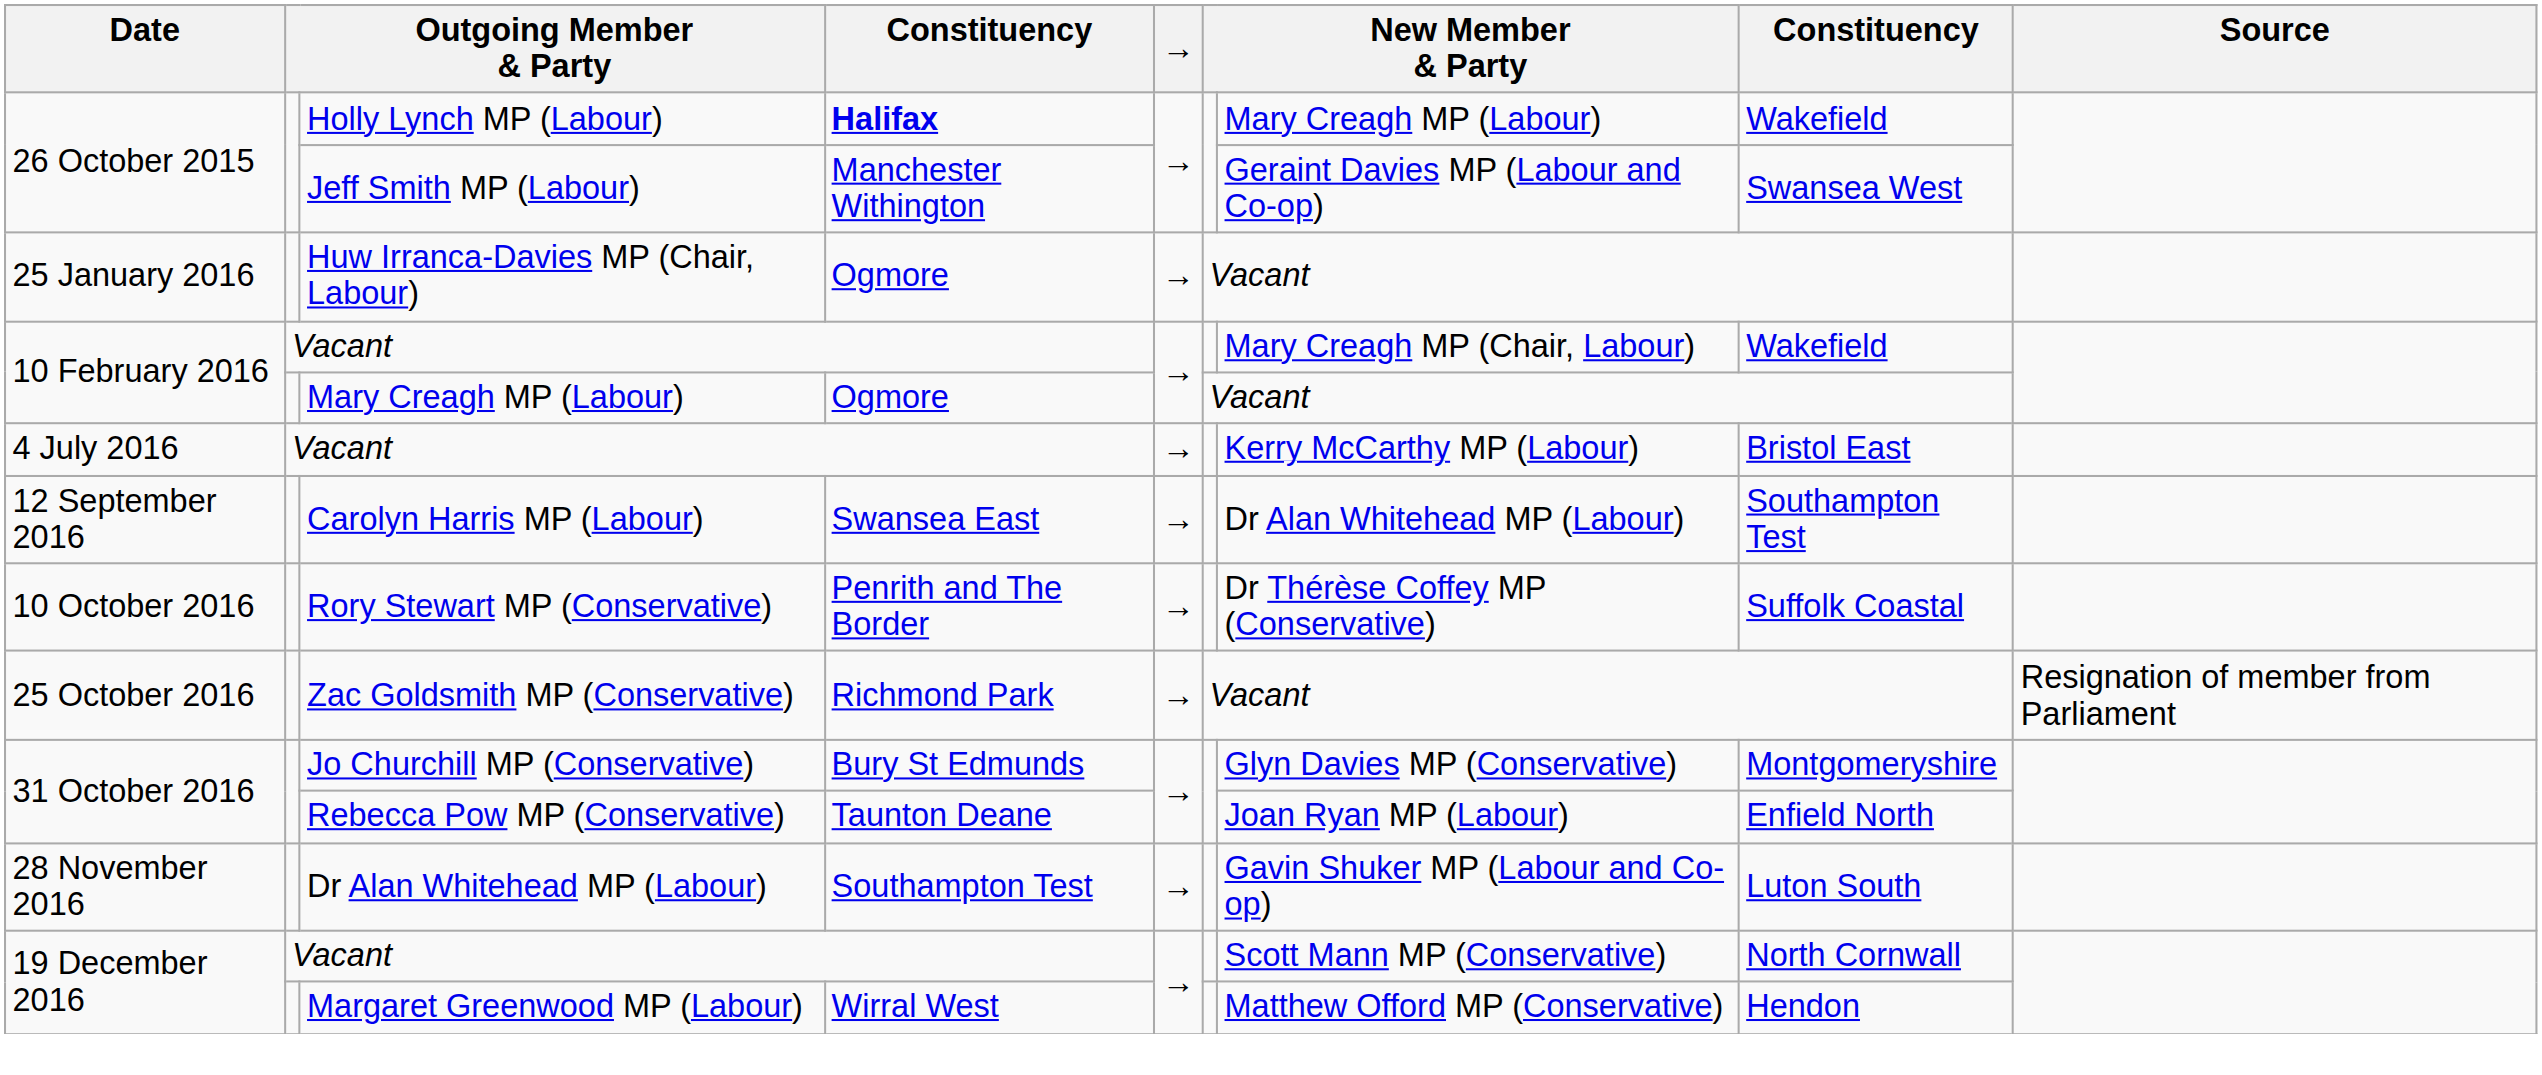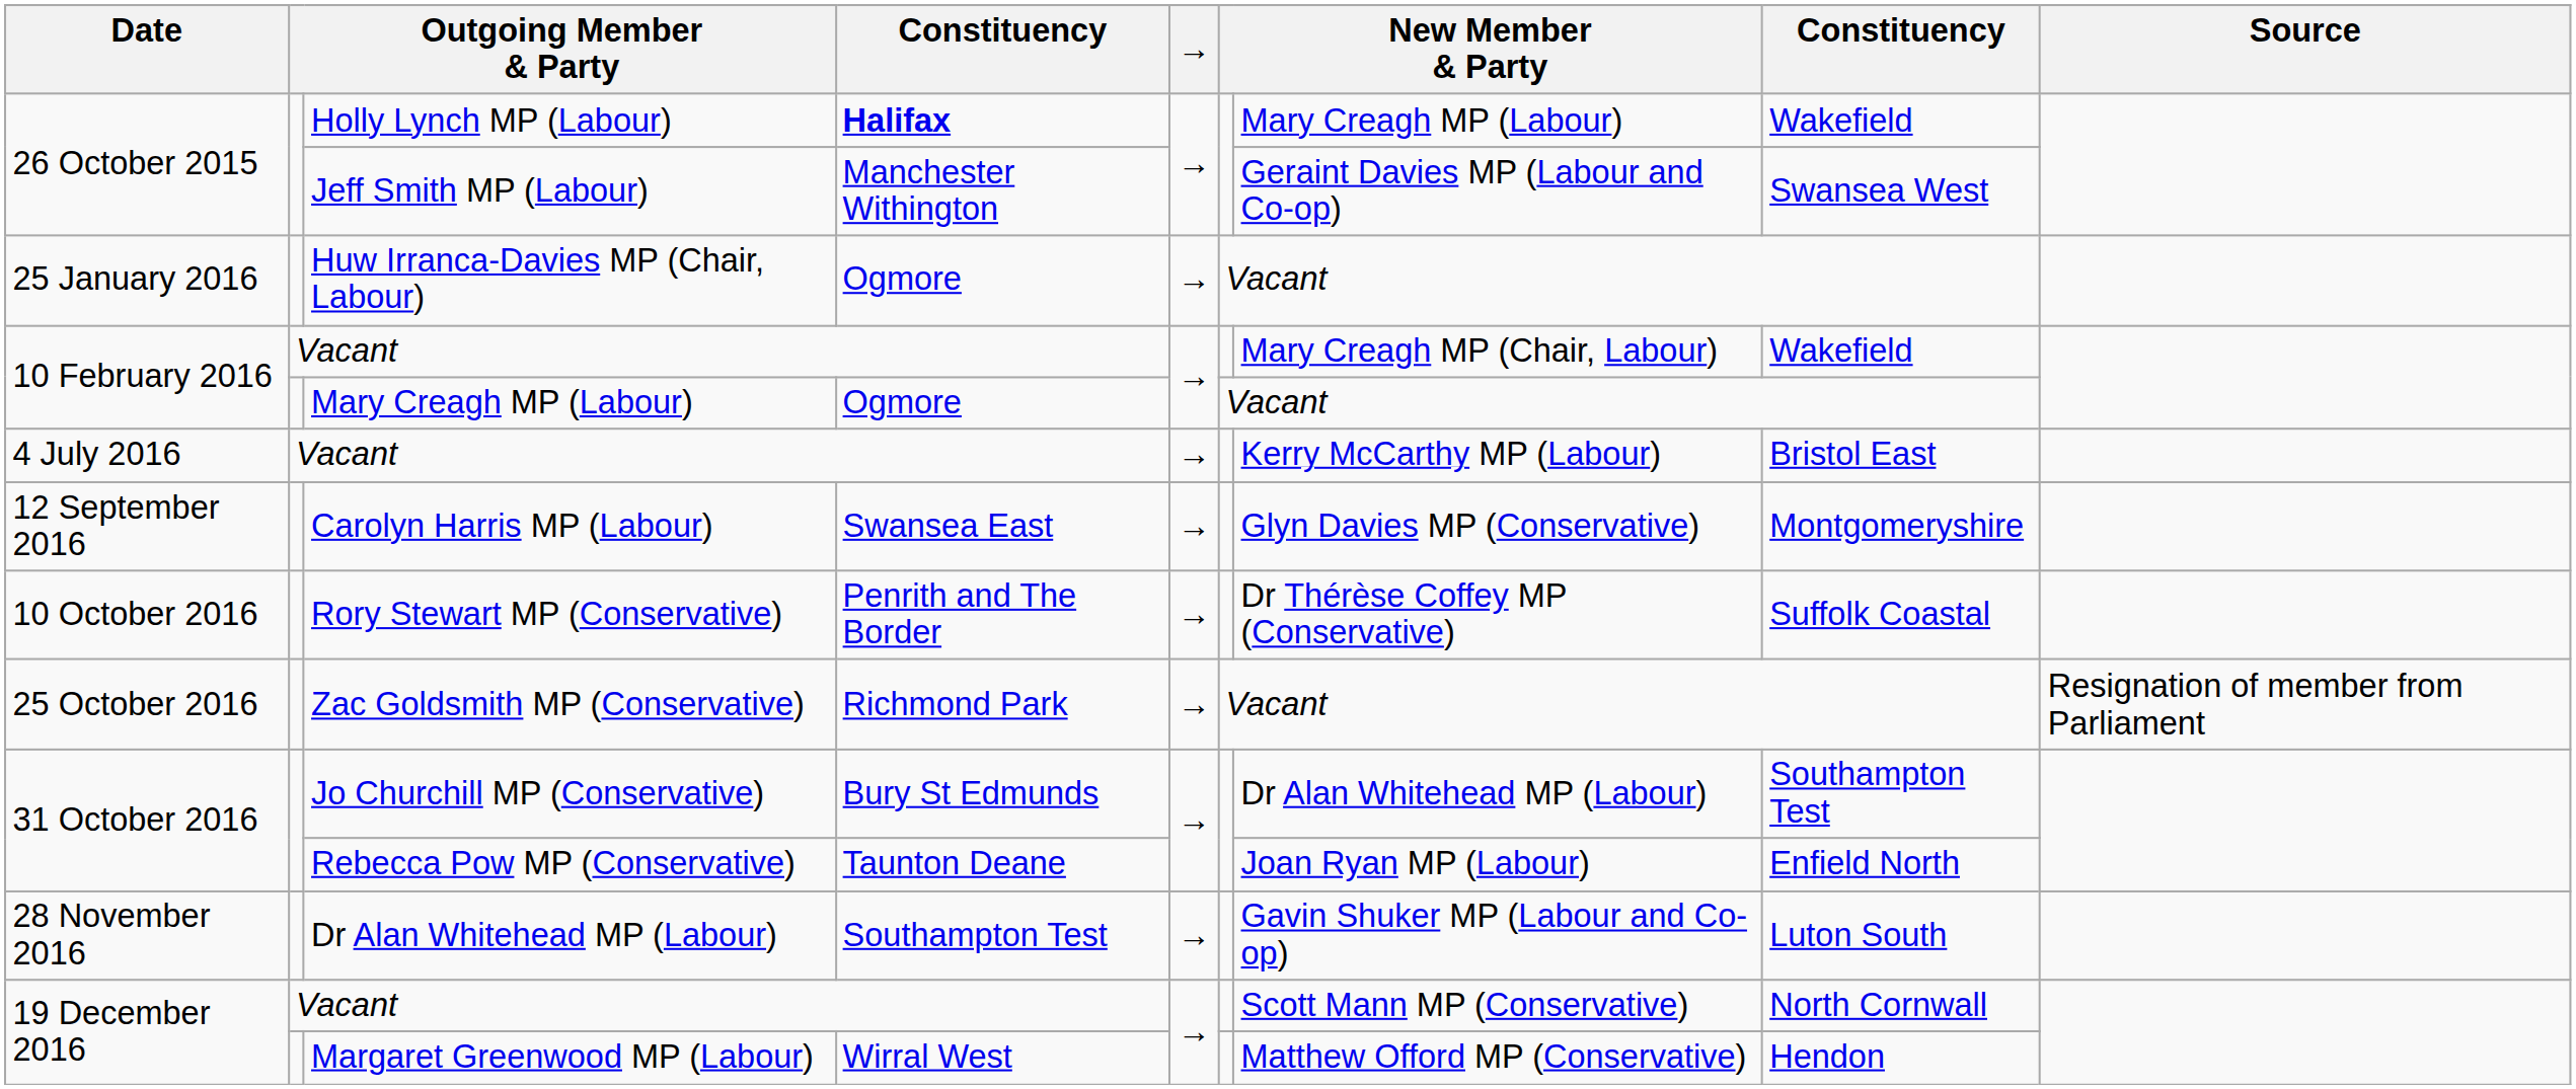 <table class="wikitable">
 <tr>
 <th valign="top">Date</th>
 <th colspan="2" valign="top">Outgoing Member<br>& Party</th>
 <th valign="top">Constituency</th>
 <th>→</th>
 <th colspan="2" valign="top">New Member<br>& Party</th>
 <th valign="top">Constituency</th>
 <th valign="top">Source</th>
 </tr>
 <tr>
 <td rowspan=2>26 October 2015</td>
 <td rowspan=2 style="color:inherit;background:"></td>
 <td><a href='#'>Holly Lynch</a> MP (<a href='#'>Labour</a>)</td>
 <td><strong><a href='#'>Halifax</a></strong></td>
 <td rowspan=2>→</td>
 <td rowspan=2 style="color:inherit;background:"></td>
 <td><a href='#'>Mary Creagh</a> MP (<a href='#'>Labour</a>)</td>
 <td><a href='#'>Wakefield</a></td>
 <td rowspan=2></td>
 </tr>
 <tr>
 <td><a href='#'>Jeff Smith</a> MP (<a href='#'>Labour</a>)</td>
 <td><a href='#'>Manchester Withington</a></td>
 <td><a href='#'>Geraint Davies</a> MP (<a href='#'>Labour and Co-op</a>)</td>
 <td><a href='#'>Swansea West</a></td>
 </tr>
 <tr>
 <td>25 January 2016</td>
 <td style="color:inherit;background:"></td>
 <td><a href='#'>Huw Irranca-Davies</a> MP (Chair, <a href='#'>Labour</a>)</td>
 <td><a href='#'>Ogmore</a></td>
 <td>→</td>
 <td colspan=3><em>Vacant</em></td>
 <td></td>
 </tr>
 <tr>
 <td rowspan=2>10 February 2016</td>
 <td colspan=3><em>Vacant</em></td>
 <td rowspan=2>→</td>
 <td style="color:inherit;background:"></td>
 <td><a href='#'>Mary Creagh</a> MP (Chair, <a href='#'>Labour</a>)</td>
 <td><a href='#'>Wakefield</a></td>
 <td rowspan=2></td>
 </tr>
 <tr>
 <td style="color:inherit;background:"></td>
 <td><a href='#'>Mary Creagh</a> MP (<a href='#'>Labour</a>)</td>
 <td><a href='#'>Ogmore</a></td>
 <td colspan=3><em>Vacant</em></td>
 </tr>
 <tr>
 <td>4 July 2016</td>
 <td colspan=3><em>Vacant</em></td>
 <td>→</td>
 <td style="color:inherit;background:"></td>
 <td><a href='#'>Kerry McCarthy</a> MP (<a href='#'>Labour</a>)</td>
 <td><a href='#'>Bristol East</a></td>
 <td></td>
 </tr>
 <tr>
 <td>12 September 2016</td>
 <td style="color:inherit;background:"></td>
 <td><a href='#'>Carolyn Harris</a> MP (<a href='#'>Labour</a>)</td>
 <td><a href='#'>Swansea East</a></td>
 <td>→</td>
 <td style="color:inherit;background:"></td>
-<td>Dr <a href='#'>Alan Whitehead</a> MP (<a href='#'>Labour</a>)</td>
-<td><a href='#'>Southampton Test</a></td>
+<td><a href='#'>Glyn Davies</a> MP (<a href='#'>Conservative</a>)</td>
+<td><a href='#'>Montgomeryshire</a></td>
 <td></td>
 </tr>
 <tr>
 <td>10 October 2016</td>
 <td style="color:inherit;background:"></td>
 <td><a href='#'>Rory Stewart</a> MP (<a href='#'>Conservative</a>)</td>
 <td><a href='#'>Penrith and The Border</a></td>
 <td>→</td>
 <td style="color:inherit;background:"></td>
 <td>Dr <a href='#'>Thérèse Coffey</a> MP (<a href='#'>Conservative</a>)</td>
 <td><a href='#'>Suffolk Coastal</a></td>
 <td></td>
 </tr>
 <tr>
 <td>25 October 2016</td>
 <td style="color:inherit;background:"></td>
 <td><a href='#'>Zac Goldsmith</a> MP (<a href='#'>Conservative</a>)</td>
 <td><a href='#'>Richmond Park</a></td>
 <td>→</td>
 <td colspan=3><em>Vacant</em></td>
 <td>Resignation of member from Parliament</td>
 </tr>
 <tr>
 <td rowspan=2>31 October 2016</td>
 <td rowspan=2 style="color:inherit;background:"></td>
 <td><a href='#'>Jo Churchill</a> MP (<a href='#'>Conservative</a>)</td>
 <td><a href='#'>Bury St Edmunds</a></td>
 <td rowspan=2>→</td>
 <td rowspan=2 style="color:inherit;background:"></td>
-<td><a href='#'>Glyn Davies</a> MP (<a href='#'>Conservative</a>)</td>
-<td><a href='#'>Montgomeryshire</a></td>
+<td>Dr <a href='#'>Alan Whitehead</a> MP (<a href='#'>Labour</a>)</td>
+<td><a href='#'>Southampton Test</a></td>
 <td rowspan=2></td>
 </tr>
 <tr>
 <td><a href='#'>Rebecca Pow</a> MP (<a href='#'>Conservative</a>)</td>
 <td><a href='#'>Taunton Deane</a></td>
 <td><a href='#'>Joan Ryan</a> MP (<a href='#'>Labour</a>)</td>
 <td><a href='#'>Enfield North</a></td>
 </tr>
 <tr>
 <td>28 November 2016</td>
 <td style="color:inherit;background:"></td>
 <td>Dr <a href='#'>Alan Whitehead</a> MP (<a href='#'>Labour</a>)</td>
 <td><a href='#'>Southampton Test</a></td>
 <td>→</td>
 <td style="color:inherit;background:"></td>
 <td><a href='#'>Gavin Shuker</a> MP (<a href='#'>Labour and Co-op</a>)</td>
 <td><a href='#'>Luton South</a></td>
 <td></td>
 </tr>
 <tr>
 <td rowspan=2>19 December 2016</td>
 <td colspan=3><em>Vacant</em></td>
 <td rowspan=2>→</td>
 <td style="color:inherit;background:"></td>
 <td><a href='#'>Scott Mann</a> MP (<a href='#'>Conservative</a>)</td>
 <td><a href='#'>North Cornwall</a></td>
 <td rowspan=2></td>
 </tr>
 <tr>
 <td style="color:inherit;background:"></td>
 <td><a href='#'>Margaret Greenwood</a> MP (<a href='#'>Labour</a>)</td>
 <td><a href='#'>Wirral West</a></td>
 <td style="color:inherit;background:"></td>
 <td><a href='#'>Matthew Offord</a> MP (<a href='#'>Conservative</a>)</td>
 <td><a href='#'>Hendon</a></td>
 </tr>
 </table>
